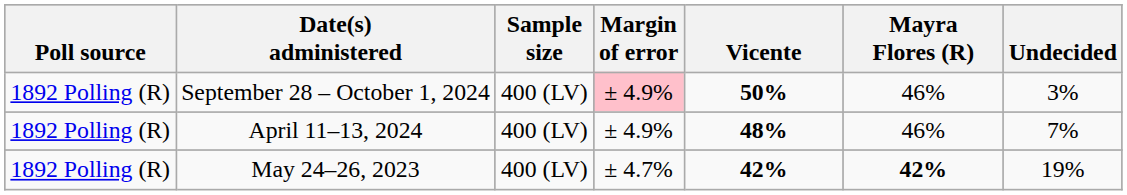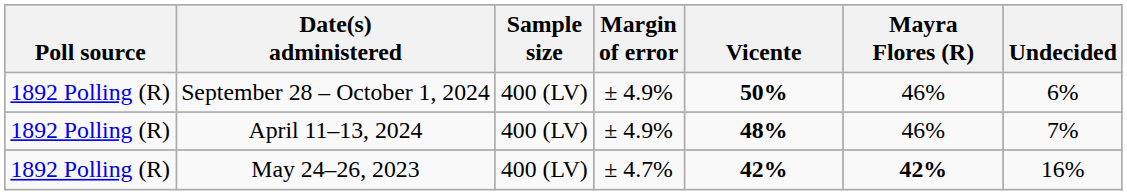 <table class="wikitable" style="font-size:90%;text-align:center;">
 <tr style="vertical-align:bottom">
 <th>Poll source</th>
 <th>Date(s)<br>administered</th>
 <th>Sample<br>size</th>
 <th>Margin<br>of error</th>
 <th style="width:90px;">Vicente<br></th>
 <th style="width:90px;">Mayra<br>Flores (R)</th>
 <th>Undecided</th>
 </tr>
 <tr>
 <td style="text-align:left;"><a href='#'>1892 Polling</a> (R)</td>
 <td>September 28 – October 1, 2024</td>
 <td>400 (LV)</td>
-<td style="background: pink;">± 4.9%</td>
+<td>± 4.9%</td>
 <td style="color:black;background-color:"><strong>50%</strong></td>
 <td>46%</td>
-<td>3%</td>
+<td>6%</td>
 </tr>
 <tr>
 <td style="text-align:left;"><a href='#'>1892 Polling</a> (R)</td>
 <td>April 11–13, 2024</td>
 <td>400 (LV)</td>
 <td>± 4.9%</td>
 <td style="color:black;background-color:"><strong>48%</strong></td>
 <td>46%</td>
 <td>7%</td>
 </tr>
 <tr>
 <td style="text-align:left;"><a href='#'>1892 Polling</a> (R)</td>
 <td>May 24–26, 2023</td>
 <td>400 (LV)</td>
 <td>± 4.7%</td>
 <td><strong>42%</strong></td>
 <td><strong>42%</strong></td>
-<td>19%</td>
+<td>16%</td>
 </tr>
 </table>
